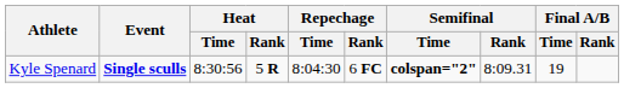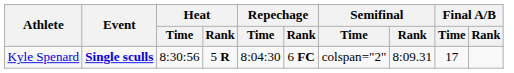 <table class=wikitable style=font-size:90%;text-align:center>
 <tr>
 <th rowspan=2>Athlete</th>
 <th rowspan=2>Event</th>
 <th colspan=2>Heat</th>
 <th colspan=2>Repechage</th>
 <th colspan=2>Semifinal</th>
 <th colspan=2>Final A/B</th>
 </tr>
 <tr style=font-size:95%>
 <th>Time</th>
 <th>Rank</th>
 <th>Time</th>
 <th>Rank</th>
 <th>Time</th>
 <th>Rank</th>
 <th>Time</th>
 <th>Rank</th>
 </tr>
 <tr>
 <td align=left><a href='#'>Kyle Spenard</a></td>
 <td align=left><strong><a href='#'>Single sculls</a></strong></td>
 <td>8:30:56</td>
 <td>5 <strong>R</strong></td>
 <td>8:04:30</td>
 <td>6 <strong>FC</strong></td>
-<td><strong>colspan="2" </strong></td>
+<td>colspan="2" </td>
 <td>8:09.31</td>
-<td>19</td>
+<td>17</td>
 </tr>
 </table>
